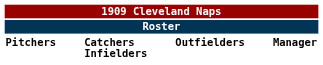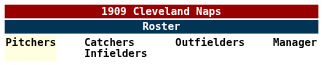 <table class="toccolours" style="font-size: 95%;">
 <tr>
 <th colspan="10" style="background-color: #990000; color: white; text-align: center;">1909 Cleveland Naps</th>
 </tr>
 <tr>
 <td colspan="10" style="background-color: #023456; color: white; text-align: center;"><strong>Roster</strong></td>
 </tr>
 <tr>
-<td valign="top"><strong>Pitchers</strong><br>             </td>
+<td valign="top" style="background: lightyellow;"><strong>Pitchers</strong><br>             </td>
 <td width="25px"></td>
 <td valign="top"><strong>Catchers</strong><br>     <strong>Infielders</strong>        </td>
 <td width="25px"></td>
 <td valign="top"><strong>Outfielders</strong><br>         </td>
 <td width="25px"></td>
 <td valign="top"><strong>Manager</strong><br> </td>
 </tr>
 </table>
